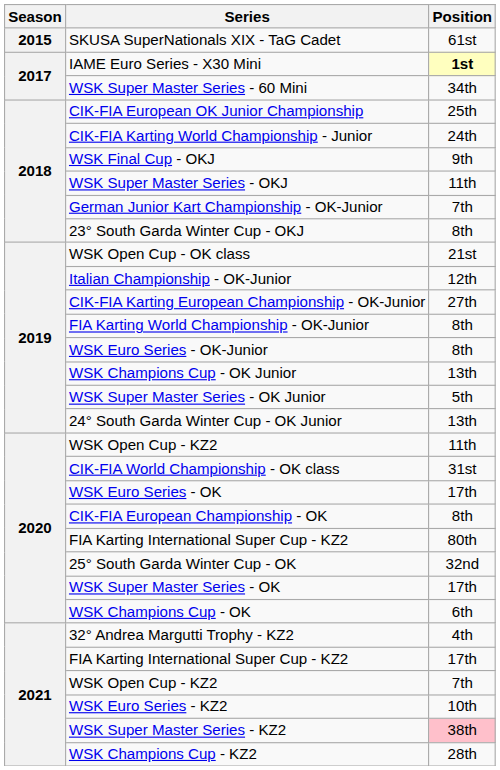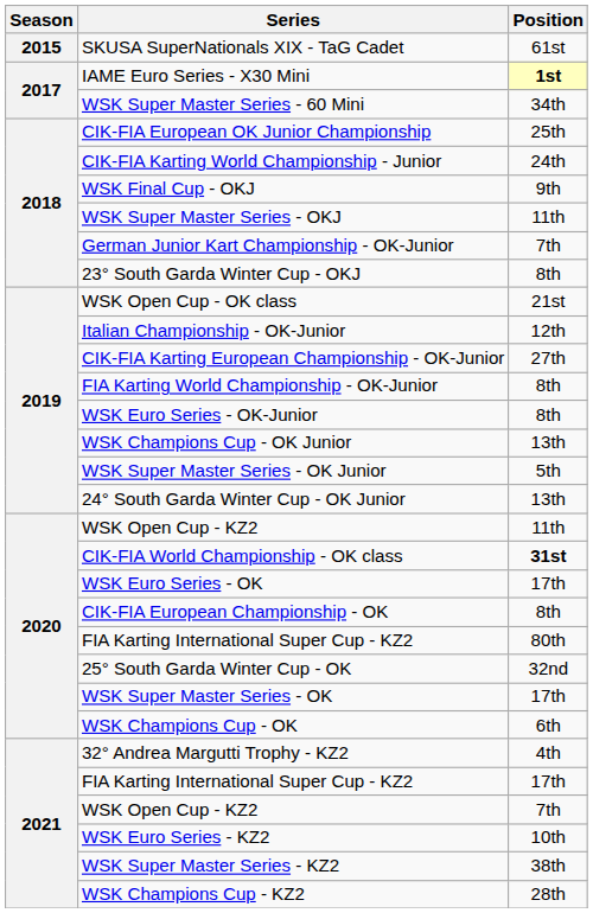 <table class="wikitable" style="font-size: 85%; text-align:center">
 <tr>
 <th>Season</th>
 <th>Series</th>
 <th>Position</th>
 </tr>
 <tr>
 <th>2015</th>
 <td align="left">SKUSA SuperNationals XIX - TaG Cadet</td>
 <td>61st</td>
 </tr>
 <tr>
 <th rowspan=2>2017</th>
 <td align="left">IAME Euro Series - X30 Mini</td>
 <td style="background:#FFFFBF"><strong>1st</strong></td>
 </tr>
 <tr>
 <td align="left"><a href='#'>WSK Super Master Series</a> - 60 Mini</td>
 <td>34th</td>
 </tr>
 <tr>
 <th rowspan=6>2018</th>
 <td align="left"><a href='#'>CIK-FIA European OK Junior Championship</a></td>
 <td>25th</td>
 </tr>
 <tr>
 <td align="left"><a href='#'>CIK-FIA Karting World Championship</a> - Junior</td>
 <td>24th</td>
 </tr>
 <tr>
 <td align="left"><a href='#'>WSK Final Cup</a> - OKJ</td>
 <td>9th</td>
 </tr>
 <tr>
 <td align="left"><a href='#'>WSK Super Master Series</a> - OKJ</td>
 <td>11th</td>
 </tr>
 <tr>
 <td align="left"><a href='#'>German Junior Kart Championship</a> - OK-Junior</td>
 <td>7th</td>
 </tr>
 <tr>
 <td align="left">23° South Garda Winter Cup - OKJ</td>
 <td>8th</td>
 </tr>
 <tr>
 <th rowspan=8>2019</th>
 <td align="left">WSK Open Cup - OK class</td>
 <td>21st</td>
 </tr>
 <tr>
 <td align="left"><a href='#'>Italian Championship</a> - OK-Junior</td>
 <td>12th</td>
 </tr>
 <tr>
 <td align="left"><a href='#'>CIK-FIA Karting European Championship</a> - OK-Junior</td>
 <td>27th</td>
 </tr>
 <tr>
 <td align="left"><a href='#'>FIA Karting World Championship</a> - OK-Junior</td>
 <td>8th</td>
 </tr>
 <tr>
 <td align="left"><a href='#'>WSK Euro Series</a> - OK-Junior</td>
 <td>8th</td>
 </tr>
 <tr>
 <td align="left"><a href='#'>WSK Champions Cup</a> - OK Junior</td>
 <td>13th</td>
 </tr>
 <tr>
 <td align="left"><a href='#'>WSK Super Master Series</a> - OK Junior</td>
 <td>5th</td>
 </tr>
 <tr>
 <td align="left">24° South Garda Winter Cup - OK Junior</td>
 <td>13th</td>
 </tr>
 <tr>
 <th rowspan=8>2020</th>
 <td align="left">WSK Open Cup - KZ2</td>
 <td>11th</td>
 </tr>
 <tr>
 <td align="left"><a href='#'>CIK-FIA World Championship</a> - OK class</td>
-<td>31st</td>
+<td><strong>31st</strong></td>
 </tr>
 <tr>
 <td align="left"><a href='#'>WSK Euro Series</a> - OK</td>
 <td>17th</td>
 </tr>
 <tr>
 <td align="left"><a href='#'>CIK-FIA European Championship</a> - OK</td>
 <td>8th</td>
 </tr>
 <tr>
 <td align="left">FIA Karting International Super Cup - KZ2</td>
 <td>80th</td>
 </tr>
 <tr>
 <td align="left">25° South Garda Winter Cup - OK</td>
 <td>32nd</td>
 </tr>
 <tr>
 <td align="left"><a href='#'>WSK Super Master Series</a> - OK</td>
 <td>17th</td>
 </tr>
 <tr>
 <td align="left"><a href='#'>WSK Champions Cup</a> - OK</td>
 <td>6th</td>
 </tr>
 <tr>
 <th rowspan=6>2021</th>
 <td align="left">32° Andrea Margutti Trophy - KZ2</td>
 <td>4th</td>
 </tr>
 <tr>
 <td align="left">FIA Karting International Super Cup - KZ2</td>
 <td>17th</td>
 </tr>
 <tr>
 <td align="left">WSK Open Cup - KZ2</td>
 <td>7th</td>
 </tr>
 <tr>
 <td align="left"><a href='#'>WSK Euro Series</a> - KZ2</td>
 <td>10th</td>
 </tr>
 <tr>
 <td align="left"><a href='#'>WSK Super Master Series</a> - KZ2</td>
-<td style="background: pink;">38th</td>
+<td>38th</td>
 </tr>
 <tr>
 <td align="left"><a href='#'>WSK Champions Cup</a> - KZ2</td>
 <td>28th</td>
 </tr>
 </table>
